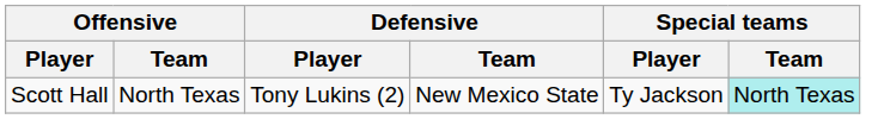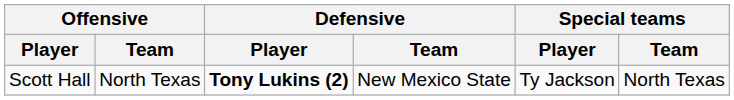 <table class="wikitable">
 <tr>
 <th colspan="2">Offensive</th>
 <th colspan="2">Defensive</th>
 <th colspan="2">Special teams</th>
 </tr>
 <tr>
 <th>Player</th>
 <th>Team</th>
 <th>Player</th>
 <th>Team</th>
 <th>Player</th>
 <th>Team</th>
 </tr>
 <tr>
 <td>Scott Hall</td>
 <td>North Texas</td>
-<td>Tony Lukins (2)</td>
+<td><strong>Tony Lukins (2)</strong></td>
 <td>New Mexico State</td>
 <td>Ty Jackson</td>
-<td style="background: paleturquoise;">North Texas</td>
+<td>North Texas</td>
 </tr>
 </table>
